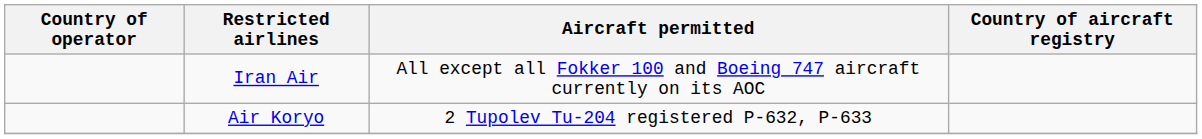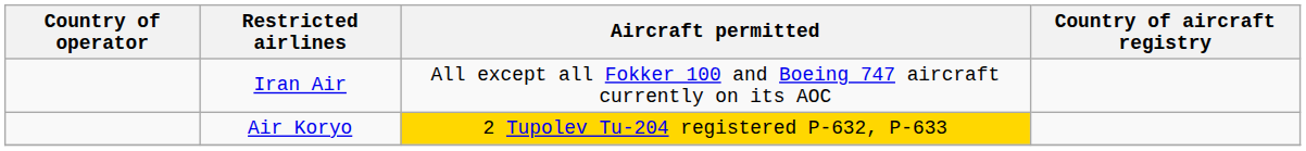 <table class="wikitable">
 <tr>
 <th>Country of operator</th>
 <th>Restricted airlines</th>
 <th>Aircraft permitted</th>
 <th>Country of aircraft registry</th>
 </tr>
 <tr>
 <td></td>
 <td align=center><a href='#'>Iran Air</a></td>
 <td align=center>All except all <a href='#'>Fokker 100</a> and <a href='#'>Boeing 747</a> aircraft currently on its AOC</td>
 <td></td>
 </tr>
 <tr>
 <td></td>
 <td align=center><a href='#'>Air Koryo</a></td>
-<td align=center>2 <a href='#'>Tupolev Tu-204</a> registered P-632, P-633</td>
+<td align=center style="background: gold;">2 <a href='#'>Tupolev Tu-204</a> registered P-632, P-633</td>
 <td></td>
 </tr>
 <tr>
 </tr>
 </table>
